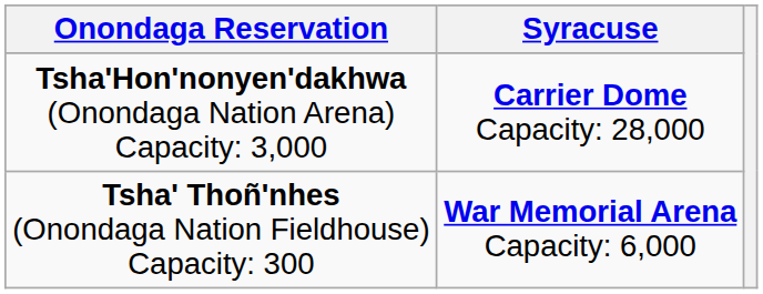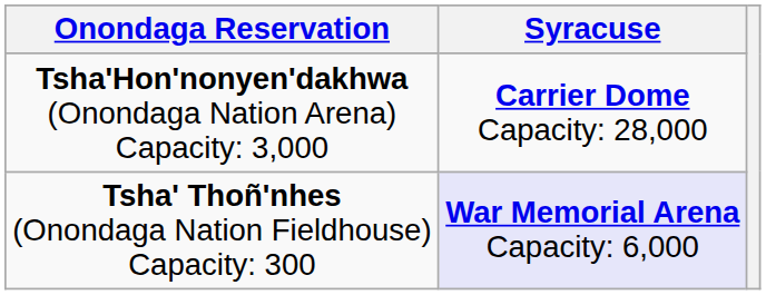 <table class="wikitable" style="text-align:center">
 <tr>
 <th><a href='#'>Onondaga Reservation</a></th>
 <th><a href='#'>Syracuse</a></th>
 <th rowspan=3></th>
 </tr>
 <tr>
 <td><strong>Tsha'Hon'<wbr>nonyen'dakhwa</strong><br>(Onondaga Nation Arena)<br>Capacity: 3,000<br></td>
 <td><strong><a href='#'>Carrier Dome</a></strong><br>Capacity: 28,000<br></td>
 </tr>
 <tr>
 <td><strong>Tsha' Thoñ'nhes</strong><br>(Onondaga Nation Fieldhouse)<br>Capacity: 300<br></td>
-<td><strong><a href='#'>War Memorial Arena</a></strong><br>Capacity: 6,000<br></td>
+<td style="background: lavender;"><strong><a href='#'>War Memorial Arena</a></strong><br>Capacity: 6,000<br></td>
 </tr>
 </table>
